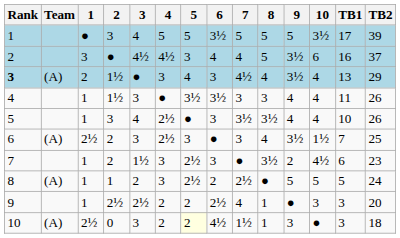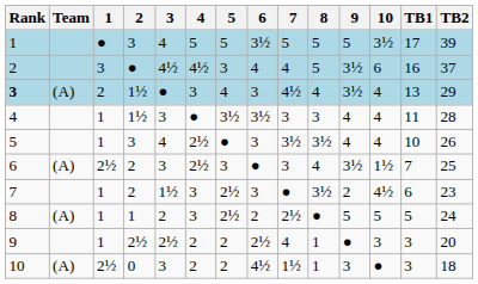 <table class="wikitable">
 <tr>
 <th>Rank</th>
 <th>Team</th>
 <th style="width:1.5em;">1</th>
 <th style="width:1.5em;">2</th>
 <th style="width:1.5em;">3</th>
 <th style="width:1.5em;">4</th>
 <th style="width:1.5em;">5</th>
 <th style="width:1.5em;">6</th>
 <th style="width:1.5em;">7</th>
 <th style="width:1.5em;">8</th>
 <th style="width:1.5em;">9</th>
 <th style="width:1.5em;">10</th>
 <th>TB1</th>
 <th>TB2</th>
 </tr>
 <tr style="background:lightblue">
 <td>1</td>
 <td></td>
 <td>●</td>
 <td>3</td>
 <td>4</td>
 <td>5</td>
 <td>5</td>
 <td>3½</td>
 <td>5</td>
 <td>5</td>
 <td>5</td>
 <td>3½</td>
 <td>17</td>
 <td>39</td>
 </tr>
 <tr style="background:lightblue">
 <td>2</td>
 <td></td>
 <td>3</td>
 <td>●</td>
 <td>4½</td>
 <td>4½</td>
 <td>3</td>
 <td>4</td>
 <td>4</td>
 <td>5</td>
 <td>3½</td>
 <td>6</td>
 <td>16</td>
 <td>37</td>
 </tr>
 <tr style="background:lightblue">
 <td><strong>3</strong></td>
 <td> (A)</td>
 <td>2</td>
 <td>1½</td>
 <td>●</td>
 <td>3</td>
 <td>4</td>
 <td>3</td>
 <td>4½</td>
 <td>4</td>
 <td>3½</td>
 <td>4</td>
 <td>13</td>
 <td>29</td>
 </tr>
 <tr>
 <td>4</td>
 <td></td>
 <td>1</td>
 <td>1½</td>
 <td>3</td>
 <td>●</td>
 <td>3½</td>
 <td>3½</td>
 <td>3</td>
 <td>3</td>
 <td>4</td>
 <td>4</td>
 <td>11</td>
-<td>26</td>
+<td>28</td>
 </tr>
 <tr>
 <td>5</td>
 <td></td>
 <td>1</td>
 <td>3</td>
 <td>4</td>
 <td>2½</td>
 <td>●</td>
 <td>3</td>
 <td>3½</td>
 <td>3½</td>
 <td>4</td>
 <td>4</td>
 <td>10</td>
 <td>26</td>
 </tr>
 <tr>
 <td>6</td>
 <td> (A)</td>
 <td>2½</td>
 <td>2</td>
 <td>3</td>
 <td>2½</td>
 <td>3</td>
 <td>●</td>
 <td>3</td>
 <td>4</td>
 <td>3½</td>
 <td>1½</td>
 <td>7</td>
 <td>25</td>
 </tr>
 <tr>
 <td>7</td>
 <td></td>
 <td>1</td>
 <td>2</td>
 <td>1½</td>
 <td>3</td>
 <td>2½</td>
 <td>3</td>
 <td>●</td>
 <td>3½</td>
 <td>2</td>
 <td>4½</td>
 <td>6</td>
 <td>23</td>
 </tr>
 <tr>
 <td>8</td>
 <td> (A)</td>
 <td>1</td>
 <td>1</td>
 <td>2</td>
 <td>3</td>
 <td>2½</td>
 <td>2</td>
 <td>2½</td>
 <td>●</td>
 <td>5</td>
 <td>5</td>
 <td>5</td>
 <td>24</td>
 </tr>
 <tr>
 <td>9</td>
 <td></td>
 <td>1</td>
 <td>2½</td>
 <td>2½</td>
 <td>2</td>
 <td>2</td>
 <td>2½</td>
 <td>4</td>
 <td>1</td>
 <td>●</td>
 <td>3</td>
 <td>3</td>
 <td>20</td>
 </tr>
 <tr>
 <td>10</td>
 <td> (A)</td>
 <td>2½</td>
 <td>0</td>
 <td>3</td>
 <td>2</td>
-<td style="background: lightyellow;">2</td>
+<td>2</td>
 <td>4½</td>
 <td>1½</td>
 <td>1</td>
 <td>3</td>
 <td>●</td>
 <td>3</td>
 <td>18</td>
 </tr>
 </table>
